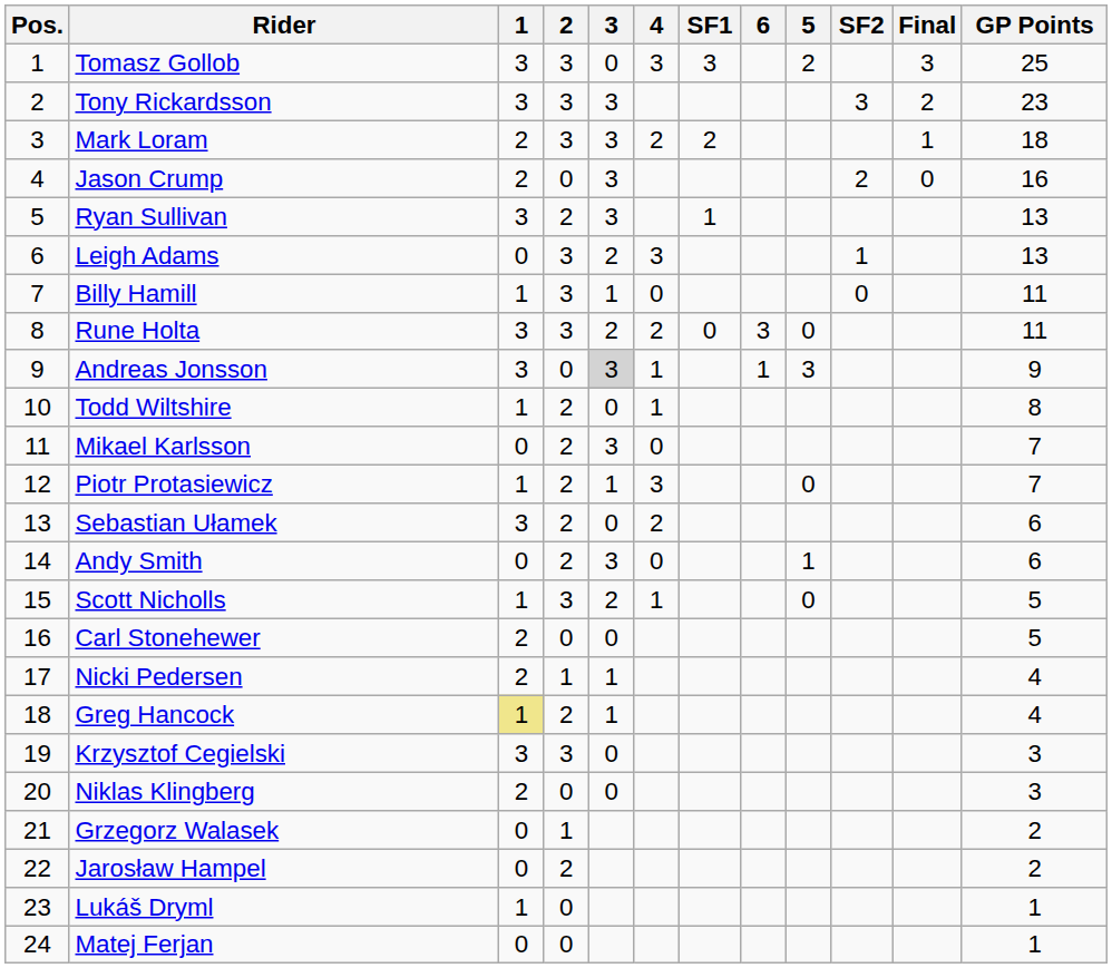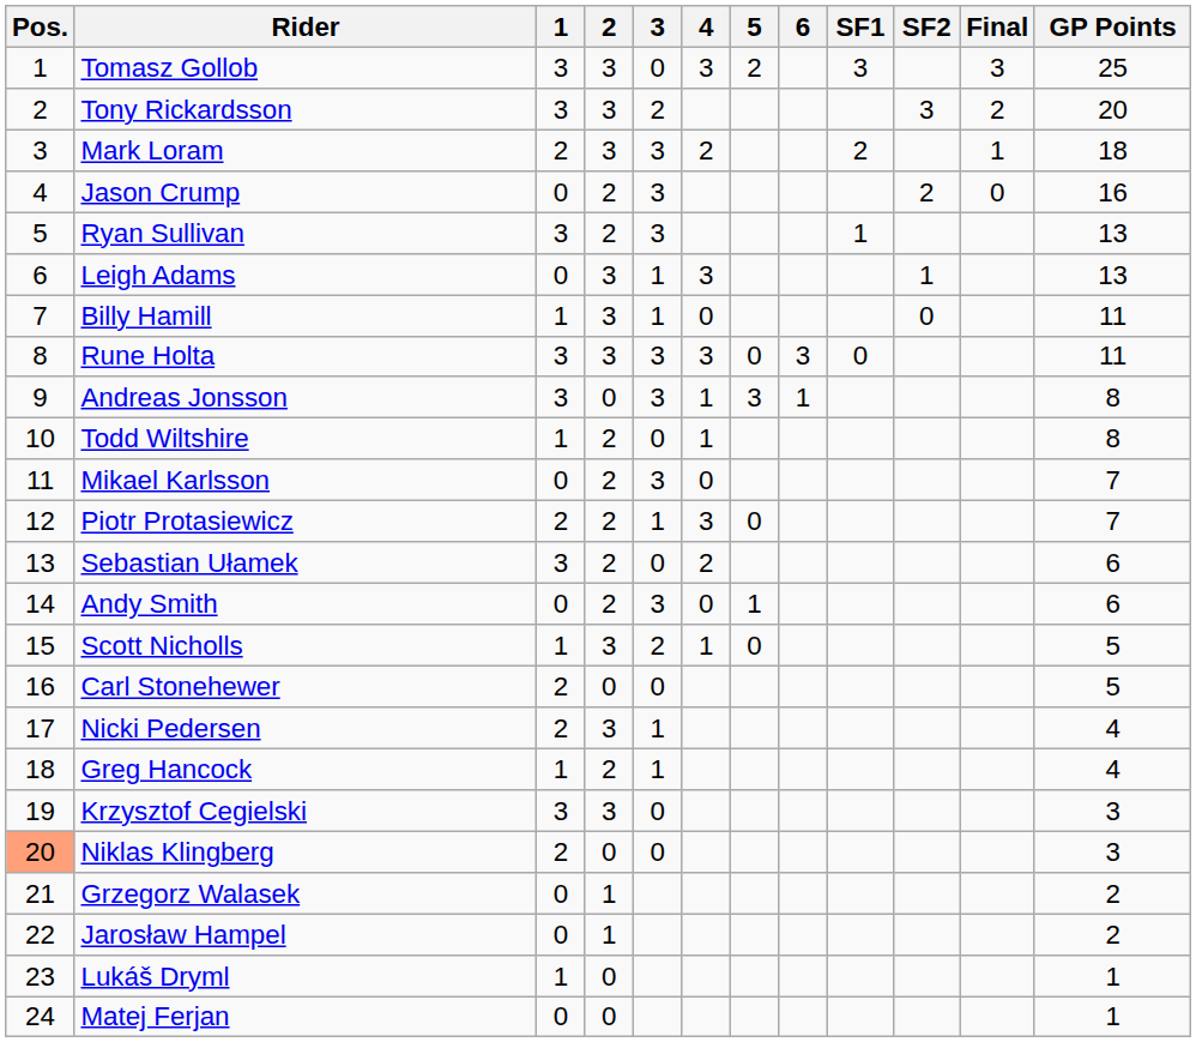 <table class=wikitable style="font-size:93%;">
 <tr>
 <th width=25px>Pos.</th>
 <th width=250px>Rider</th>
 <th width=20px>1</th>
 <th width=20px>2</th>
 <th width=20px>3</th>
 <th width=20px>4</th>
+<th width=20px>5</th>
+<th width=20px>6</th>
 <th width=30px>SF1</th>
-<th width=20px>6</th>
-<th width=20px>5</th>
 <th width=30px>SF2</th>
 <th width=30px>Final</th>
 <th width=80px>GP Points</th>
 </tr>
 <tr align=center style="background-color:">
 <td>1</td>
 <td align=left> <a href='#'>Tomasz Gollob</a></td>
 <td>3</td>
 <td>3</td>
 <td>0</td>
 <td>3</td>
+<td>2</td>
+<td></td>
 <td>  3</td>
-<td></td>
-<td>2</td>
 <td></td>
 <td>3</td>
 <td>25</td>
 </tr>
 <tr align=center style="background-color:">
 <td>2</td>
 <td align=left> <a href='#'>Tony Rickardsson</a></td>
 <td>3</td>
 <td>3</td>
-<td>3</td>
+<td>2</td>
 <td></td>
 <td></td>
 <td></td>
 <td></td>
 <td>3</td>
 <td>2</td>
-<td>23</td>
+<td>20</td>
 </tr>
 <tr align=center style="background-color:">
 <td>3</td>
 <td align=left> <a href='#'>Mark Loram</a></td>
 <td>2</td>
 <td>3</td>
 <td>3</td>
 <td>2</td>
-<td>2</td>
 <td></td>
 <td></td>
+<td>2</td>
 <td></td>
 <td>1</td>
 <td>18</td>
 </tr>
 <tr align=center>
 <td>4</td>
 <td align=left> <a href='#'>Jason Crump</a></td>
+<td>0</td>
 <td>2</td>
-<td>0</td>
 <td>3</td>
 <td></td>
 <td></td>
 <td></td>
 <td></td>
 <td>2</td>
 <td>0</td>
 <td>16</td>
 </tr>
 <tr align=center>
 <td>5</td>
 <td align=left> <a href='#'>Ryan Sullivan</a></td>
 <td>3</td>
 <td>2</td>
 <td>3</td>
 <td></td>
-<td>1</td>
 <td></td>
 <td></td>
+<td>1</td>
 <td></td>
 <td></td>
 <td>13</td>
 </tr>
 <tr align=center>
 <td>6</td>
 <td align=left> <a href='#'>Leigh Adams</a></td>
 <td>0</td>
 <td>3</td>
-<td>2</td>
+<td>1</td>
 <td>3</td>
 <td></td>
 <td></td>
 <td></td>
 <td>1</td>
 <td></td>
 <td>13</td>
 </tr>
 <tr align=center>
 <td>7</td>
 <td align=left> <a href='#'>Billy Hamill</a></td>
 <td>1</td>
 <td>3</td>
 <td>1</td>
 <td>0</td>
 <td></td>
 <td></td>
 <td></td>
 <td>0</td>
 <td></td>
 <td>11</td>
 </tr>
 <tr align=center>
 <td>8</td>
 <td align=left> <a href='#'>Rune Holta</a></td>
 <td>3</td>
 <td>3</td>
-<td>2</td>
-<td>2</td>
+<td>3</td>
+<td>3</td>
 <td>0</td>
 <td>3</td>
 <td>0</td>
 <td></td>
 <td></td>
 <td>11</td>
 </tr>
 <tr align=center>
 <td>9</td>
 <td align=left> <a href='#'>Andreas Jonsson</a></td>
 <td>3</td>
 <td>0</td>
-<td style="background: lightgrey;">3</td>
+<td>3</td>
+<td>1</td>
+<td>3</td>
 <td>1</td>
 <td></td>
-<td>1</td>
-<td>3</td>
 <td></td>
 <td></td>
-<td>9</td>
+<td>8</td>
 </tr>
 <tr align=center>
 <td>10</td>
 <td align=left> <a href='#'>Todd Wiltshire</a></td>
 <td>1</td>
 <td>2</td>
 <td>0</td>
 <td>1</td>
 <td></td>
 <td></td>
 <td></td>
 <td></td>
 <td></td>
 <td>8</td>
 </tr>
 <tr align=center>
 <td>11</td>
 <td align=left> <a href='#'>Mikael Karlsson</a></td>
 <td>0</td>
 <td>2</td>
 <td>3</td>
 <td>0</td>
 <td></td>
 <td></td>
 <td></td>
 <td></td>
 <td></td>
 <td>7</td>
 </tr>
 <tr align=center>
 <td>12</td>
 <td align=left> <a href='#'>Piotr Protasiewicz</a></td>
-<td>1</td>
+<td>2</td>
 <td>2</td>
 <td>1</td>
 <td>3</td>
+<td>0</td>
 <td></td>
 <td></td>
-<td>0</td>
 <td></td>
 <td></td>
 <td>7</td>
 </tr>
 <tr align=center>
 <td>13</td>
 <td align=left> <a href='#'>Sebastian Ułamek</a></td>
 <td>3</td>
 <td>2</td>
 <td>0</td>
 <td>2</td>
 <td></td>
 <td></td>
 <td></td>
 <td></td>
 <td></td>
 <td>6</td>
 </tr>
 <tr align=center>
 <td>14</td>
 <td align=left> <a href='#'>Andy Smith</a></td>
 <td>0</td>
 <td>2</td>
 <td>3</td>
 <td>0</td>
+<td>1</td>
 <td></td>
 <td></td>
-<td>1</td>
 <td></td>
 <td></td>
 <td>6</td>
 </tr>
 <tr align=center>
 <td>15</td>
 <td align=left> <a href='#'>Scott Nicholls</a></td>
 <td>1</td>
 <td>3</td>
 <td>2</td>
 <td>1</td>
+<td>0</td>
 <td></td>
 <td></td>
-<td>0</td>
 <td></td>
 <td></td>
 <td>5</td>
 </tr>
 <tr align=center>
 <td>16</td>
 <td align=left> <a href='#'>Carl Stonehewer</a></td>
 <td>2</td>
 <td>0</td>
 <td>0</td>
 <td></td>
 <td></td>
 <td></td>
 <td></td>
 <td></td>
 <td></td>
 <td>5</td>
 </tr>
 <tr align=center>
 <td>17</td>
 <td align=left> <a href='#'>Nicki Pedersen</a></td>
 <td>2</td>
-<td>1</td>
+<td>3</td>
 <td>1</td>
 <td></td>
 <td></td>
 <td></td>
 <td></td>
 <td></td>
 <td></td>
 <td>4</td>
 </tr>
 <tr align=center>
 <td>18</td>
 <td align=left> <a href='#'>Greg Hancock</a></td>
-<td style="background: khaki;">1</td>
+<td>1</td>
 <td>2</td>
 <td>1</td>
 <td></td>
 <td></td>
 <td></td>
 <td></td>
 <td></td>
 <td></td>
 <td>4</td>
 </tr>
 <tr align=center>
 <td>19</td>
 <td align=left> <a href='#'>Krzysztof Cegielski</a></td>
 <td>3</td>
 <td>3</td>
 <td>0</td>
 <td></td>
 <td></td>
 <td></td>
 <td></td>
 <td></td>
 <td></td>
 <td>3</td>
 </tr>
 <tr align=center>
-<td>20</td>
+<td style="background: lightsalmon;">20</td>
 <td align=left> <a href='#'>Niklas Klingberg</a></td>
 <td>2</td>
 <td>0</td>
 <td>0</td>
 <td></td>
 <td></td>
 <td></td>
 <td></td>
 <td></td>
 <td></td>
 <td>3</td>
 </tr>
 <tr align=center>
 <td>21</td>
 <td align=left> <a href='#'>Grzegorz Walasek</a></td>
 <td>0</td>
 <td>1</td>
 <td></td>
 <td></td>
 <td></td>
 <td></td>
 <td></td>
 <td></td>
 <td></td>
 <td>2</td>
 </tr>
 <tr align=center>
 <td>22</td>
 <td align=left> <a href='#'>Jarosław Hampel</a></td>
 <td>0</td>
-<td>2</td>
+<td>1</td>
 <td></td>
 <td></td>
 <td></td>
 <td></td>
 <td></td>
 <td></td>
 <td></td>
 <td>2</td>
 </tr>
 <tr align=center>
 <td>23</td>
 <td align=left> <a href='#'>Lukáš Dryml</a></td>
 <td>1</td>
 <td>0</td>
 <td></td>
 <td></td>
 <td></td>
 <td></td>
 <td></td>
 <td></td>
 <td></td>
 <td>1</td>
 </tr>
 <tr align=center>
 <td>24</td>
 <td align=left> <a href='#'>Matej Ferjan</a></td>
 <td>0</td>
 <td>0</td>
 <td></td>
 <td></td>
 <td></td>
 <td></td>
 <td></td>
 <td></td>
 <td></td>
 <td>1</td>
 </tr>
 </table>
